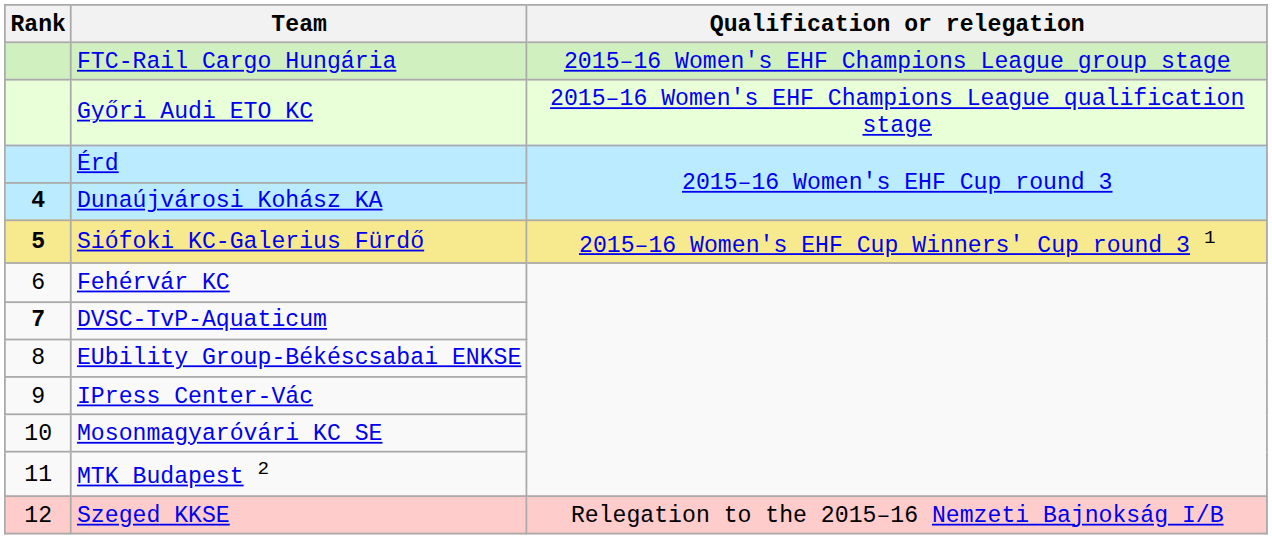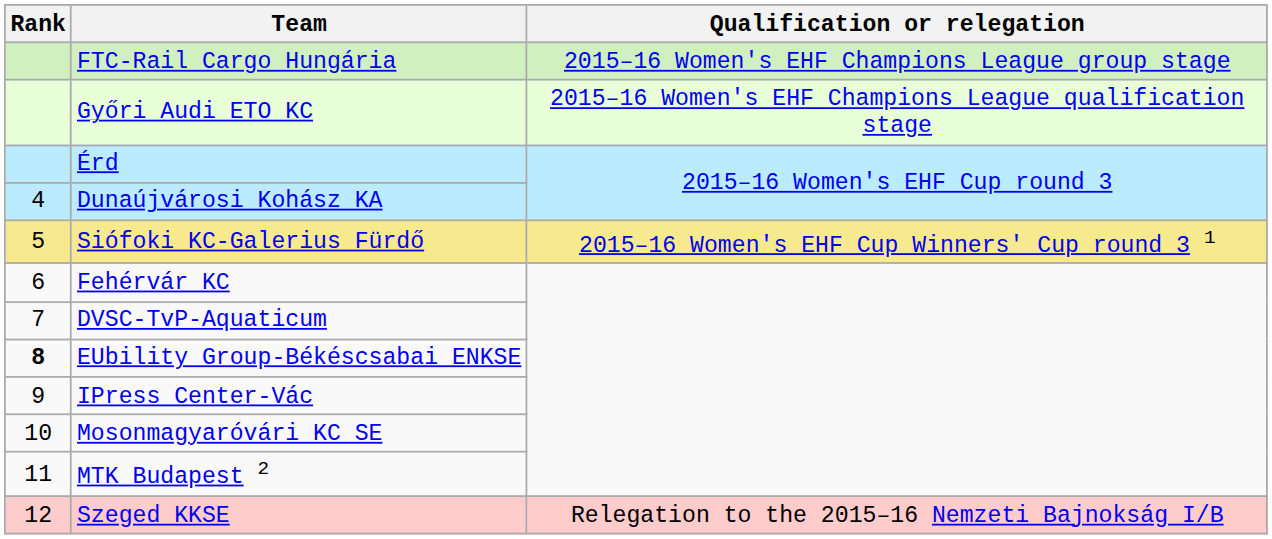 <table class="wikitable">
 <tr>
 <th>Rank</th>
 <th>Team</th>
 <th>Qualification or relegation</th>
 </tr>
 <tr>
 <td align="center" bgcolor=#D0F0C0></td>
 <td align="left" bgcolor=#D0F0C0> <a href='#'>FTC-Rail Cargo Hungária</a></td>
 <td width=410 align="center" bgcolor=#D0F0C0><a href='#'>2015–16 Women's EHF Champions League group stage</a></td>
 </tr>
 <tr>
 <td align="center" bgcolor=#E8FFD8></td>
 <td align="left" bgcolor=#E8FFD8> <a href='#'>Győri Audi ETO KC</a></td>
 <td align="center" bgcolor=#E8FFD8><a href='#'>2015–16 Women's EHF Champions League qualification stage</a></td>
 </tr>
 <tr>
 <td align="center" bgcolor=#BBEBFF></td>
 <td align="left" bgcolor=#BBEBFF> <a href='#'>Érd</a></td>
 <td align="center" rowspan="2" bgcolor=#BBEBFF><a href='#'>2015–16 Women's EHF Cup round 3</a></td>
 </tr>
 <tr>
-<td align="center" bgcolor=#BBEBFF><strong>4</strong></td>
+<td align="center" bgcolor=#BBEBFF>4</td>
 <td align="left" bgcolor=#BBEBFF> <a href='#'>Dunaújvárosi Kohász KA</a></td>
 </tr>
 <tr>
-<td align="center" bgcolor=#F7E98E><strong>5</strong></td>
+<td align="center" bgcolor=#F7E98E>5</td>
 <td align="left" bgcolor=#F7E98E> <a href='#'>Siófoki KC-Galerius Fürdő</a></td>
 <td align="center" bgcolor=#F7E98E><a href='#'>2015–16 Women's EHF Cup Winners' Cup round 3</a> <sup>1</sup></td>
 </tr>
 <tr>
 <td align="center" bgcolor=>6</td>
 <td align="left" bgcolor=> <a href='#'>Fehérvár KC</a></td>
 </tr>
 <tr>
-<td align="center" bgcolor=><strong>7</strong></td>
+<td align="center" bgcolor=>7</td>
 <td align="left" bgcolor=> <a href='#'>DVSC-TvP-Aquaticum</a></td>
 </tr>
 <tr>
-<td align="center" bgcolor=>8</td>
+<td align="center" bgcolor=><strong>8</strong></td>
 <td align="left" bgcolor=> <a href='#'>EUbility Group-Békéscsabai ENKSE</a></td>
 </tr>
 <tr>
 <td align="center" bgcolor=>9</td>
 <td align="left" bgcolor=> <a href='#'>IPress Center-Vác</a></td>
 </tr>
 <tr>
 <td align="center" bgcolor=>10</td>
 <td align="left" bgcolor=> <a href='#'>Mosonmagyaróvári KC SE</a></td>
 </tr>
 <tr>
 <td align="center" bgcolor=>11</td>
 <td align="left" bgcolor=> <a href='#'>MTK Budapest</a> <sup>2</sup></td>
 </tr>
 <tr>
 <td align="center" bgcolor=#FFCCCC>12</td>
 <td align="left" bgcolor=#FFCCCC> <a href='#'>Szeged KKSE</a></td>
 <td align="center" bgcolor=#FFCCCC>Relegation to the 2015–16 <a href='#'>Nemzeti Bajnokság I/B</a></td>
 </tr>
 </table>
